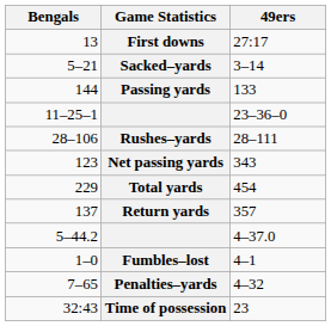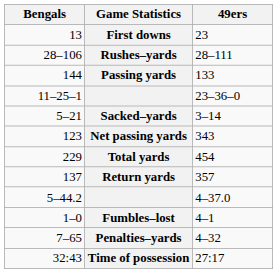 <table class="wikitable" style="margin: 1em auto 1em auto">
 <tr>
 <th style="width:30%;">Bengals</th>
 <th style="width:40%;">Game Statistics</th>
 <th style="width:30%;">49ers</th>
 </tr>
 <tr>
 <td style="text-align:right;">13</td>
 <th>First downs</th>
-<td>27:17</td>
+<td>23</td>
 </tr>
 <tr>
-<td style="text-align:right;">5–21</td>
-<th>Sacked–yards</th>
-<td>3–14</td>
+<td style="text-align:right;">28–106</td>
+<th>Rushes–yards</th>
+<td>28–111</td>
 </tr>
 <tr>
 <td style="text-align:right;">144</td>
 <th>Passing yards</th>
 <td>133</td>
 </tr>
 <tr>
 <td style="text-align:right;">11–25–1</td>
 <th></th>
 <td>23–36–0</td>
 </tr>
 <tr>
-<td style="text-align:right;">28–106</td>
-<th>Rushes–yards</th>
-<td>28–111</td>
+<td style="text-align:right;">5–21</td>
+<th>Sacked–yards</th>
+<td>3–14</td>
 </tr>
 <tr>
 <td style="text-align:right;">123</td>
 <th>Net passing yards</th>
 <td>343</td>
 </tr>
 <tr>
 <td style="text-align:right;">229</td>
 <th>Total yards</th>
 <td>454</td>
 </tr>
 <tr>
 <td style="text-align:right;">137</td>
 <th>Return yards</th>
 <td>357</td>
 </tr>
 <tr>
 <td style="text-align:right;">5–44.2</td>
 <th></th>
 <td>4–37.0</td>
 </tr>
 <tr>
 <td style="text-align:right;">1–0</td>
 <th>Fumbles–lost</th>
 <td>4–1</td>
 </tr>
 <tr>
 <td style="text-align:right;">7–65</td>
 <th>Penalties–yards</th>
 <td>4–32</td>
 </tr>
 <tr>
 <td style="text-align:right;">32:43</td>
 <th>Time of possession</th>
-<td>23</td>
+<td>27:17</td>
 </tr>
 </table>
